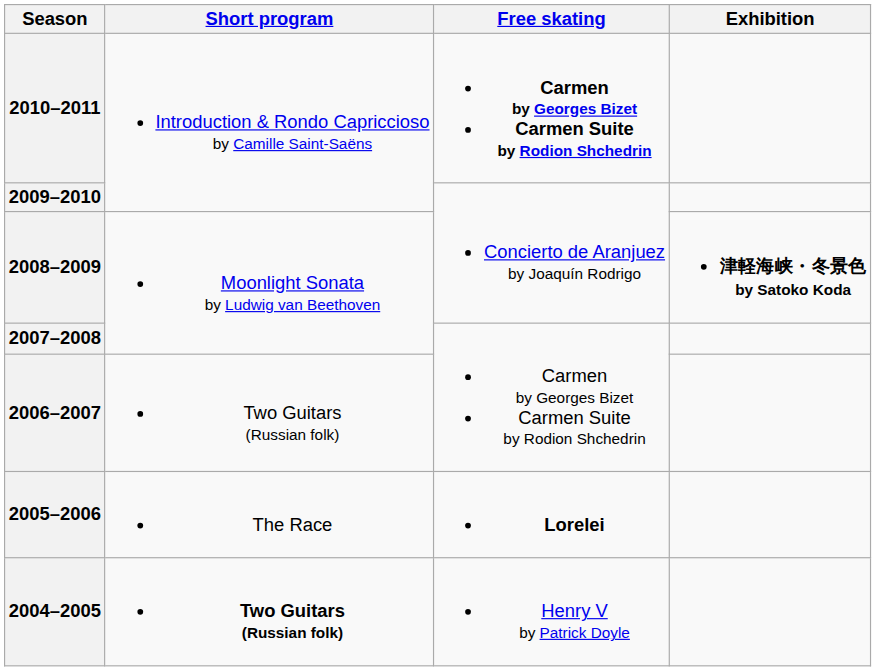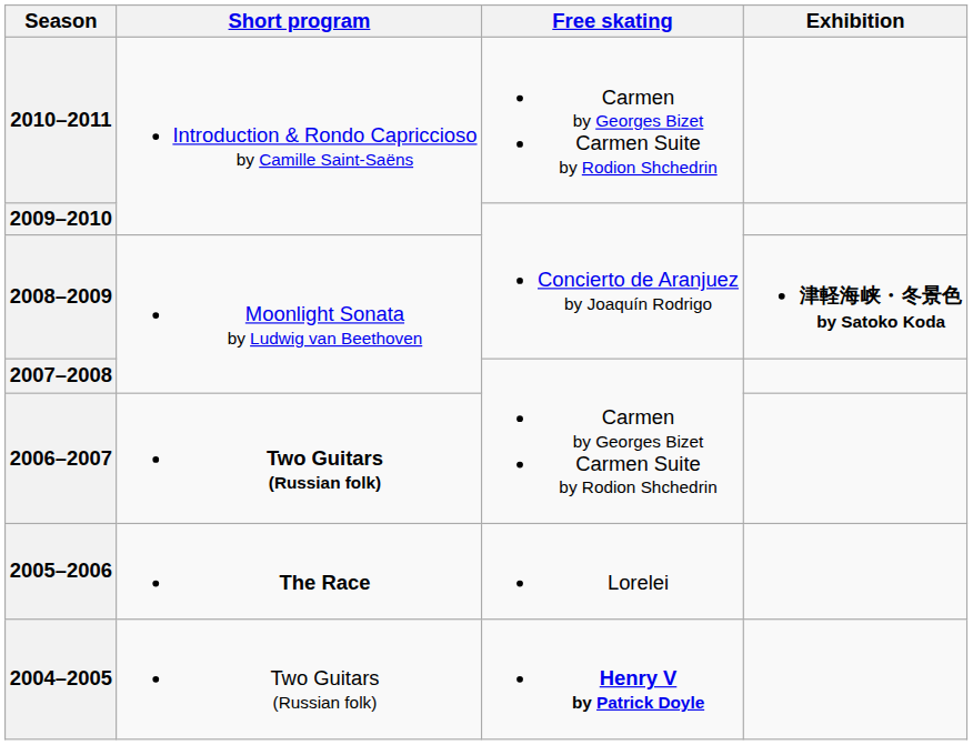 <table class=wikitable style=text-align:center>
 <tr>
 <th>Season</th>
 <th><a href='#'>Short program</a></th>
 <th><a href='#'>Free skating</a></th>
 <th>Exhibition</th>
 </tr>
 <tr>
 <th>2010–2011 <br> </th>
 <td rowspan=2><br><ul><li><a href='#'>Introduction & Rondo Capriccioso</a> <br><small> by <a href='#'>Camille Saint-Saëns</a> </small></li></ul></td>
-<td><strong><br><ul><li>Carmen <br><small> by <a href='#'>Georges Bizet</a> </small></li><li>Carmen Suite <br><small> by <a href='#'>Rodion Shchedrin</a> </small></li></ul></strong></td>
+<td><br><ul><li>Carmen <br><small> by <a href='#'>Georges Bizet</a> </small></li><li>Carmen Suite <br><small> by <a href='#'>Rodion Shchedrin</a> </small></li></ul></td>
 <td></td>
 </tr>
 <tr>
 <th>2009–2010 <br> </th>
 <td rowspan=2><br><ul><li><a href='#'>Concierto de Aranjuez</a> <br><small> by Joaquín Rodrigo </small></li></ul></td>
 <td></td>
 </tr>
 <tr>
 <th>2008–2009 <br> </th>
 <td rowspan=2><br><ul><li><a href='#'>Moonlight Sonata</a> <br><small> by <a href='#'>Ludwig van Beethoven</a> </small></li></ul></td>
 <td><strong><br><ul><li>津軽海峡・冬景色 <br><small> by Satoko Koda </small></li></ul></strong></td>
 </tr>
 <tr>
 <th>2007–2008 <br> </th>
 <td rowspan=2><br><ul><li>Carmen <br><small> by Georges Bizet </small></li><li>Carmen Suite <br><small> by Rodion Shchedrin </small></li></ul></td>
 <td></td>
 </tr>
 <tr>
 <th>2006–2007 <br> </th>
-<td><br><ul><li>Two Guitars <br><small> (Russian folk) </small></li></ul></td>
+<td><strong><br><ul><li>Two Guitars <br><small> (Russian folk) </small></li></ul></strong></td>
 <td></td>
 </tr>
 <tr>
 <th>2005–2006 <br> </th>
-<td><br><ul><li>The Race</li></ul></td>
-<td><strong><br><ul><li>Lorelei</li></ul></strong></td>
+<td><strong><br><ul><li>The Race</li></ul></strong></td>
+<td><br><ul><li>Lorelei</li></ul></td>
 <td></td>
 </tr>
 <tr>
 <th>2004–2005 <br> </th>
-<td><strong><br><ul><li>Two Guitars <br><small> (Russian folk) </small></li></ul></strong></td>
-<td><br><ul><li><a href='#'>Henry V</a> <br><small> by <a href='#'>Patrick Doyle</a> </small></li></ul></td>
+<td><br><ul><li>Two Guitars <br><small> (Russian folk) </small></li></ul></td>
+<td><strong><br><ul><li><a href='#'>Henry V</a> <br><small> by <a href='#'>Patrick Doyle</a> </small></li></ul></strong></td>
 <td></td>
 </tr>
 </table>
